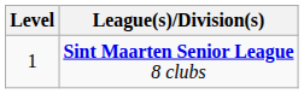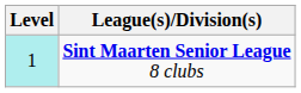 <table class="wikitable" style="text-align: center;">
 <tr>
 <th>Level</th>
 <th colspan="12">League(s)/Division(s)</th>
 </tr>
 <tr>
-<td>1</td>
+<td style="background: paleturquoise;">1</td>
 <td colspan="12"><strong><a href='#'>Sint Maarten Senior League</a></strong><br><em>8 clubs</em></td>
 </tr>
 </table>
